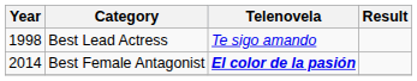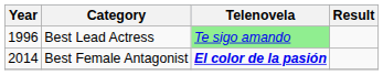 <table class="wikitable">
 <tr style="background:#b0c4de;">
 <th>Year</th>
 <th>Category</th>
 <th>Telenovela</th>
 <th>Result</th>
 </tr>
 <tr>
-<td>1998</td>
+<td>1996</td>
 <td>Best Lead Actress</td>
-<td><em><a href='#'>Te sigo amando</a></em></td>
+<td style="background: lightgreen;"><em><a href='#'>Te sigo amando</a></em></td>
 <td></td>
 </tr>
 <tr>
 <td>2014</td>
 <td>Best Female Antagonist</td>
 <td><strong><em><a href='#'>El color de la pasión</a></em></strong></td>
 <td></td>
 </tr>
 <tr>
 </tr>
 </table>
